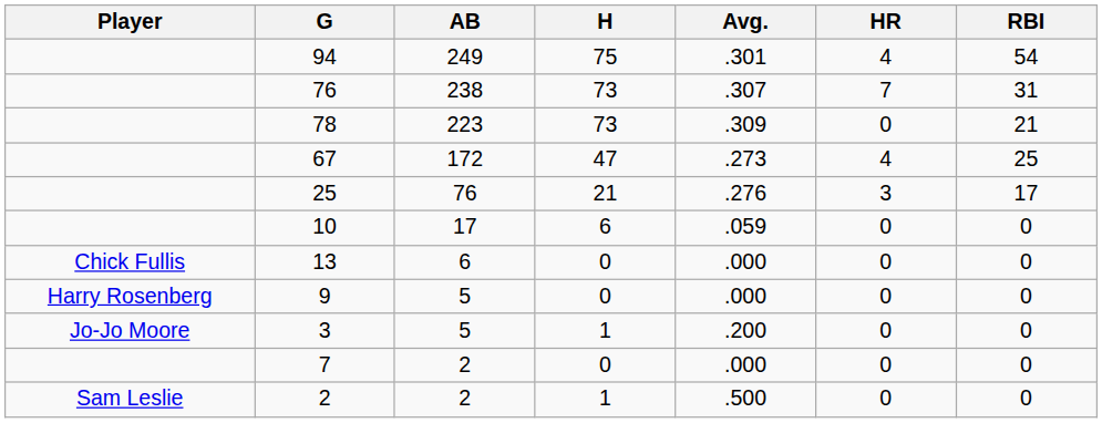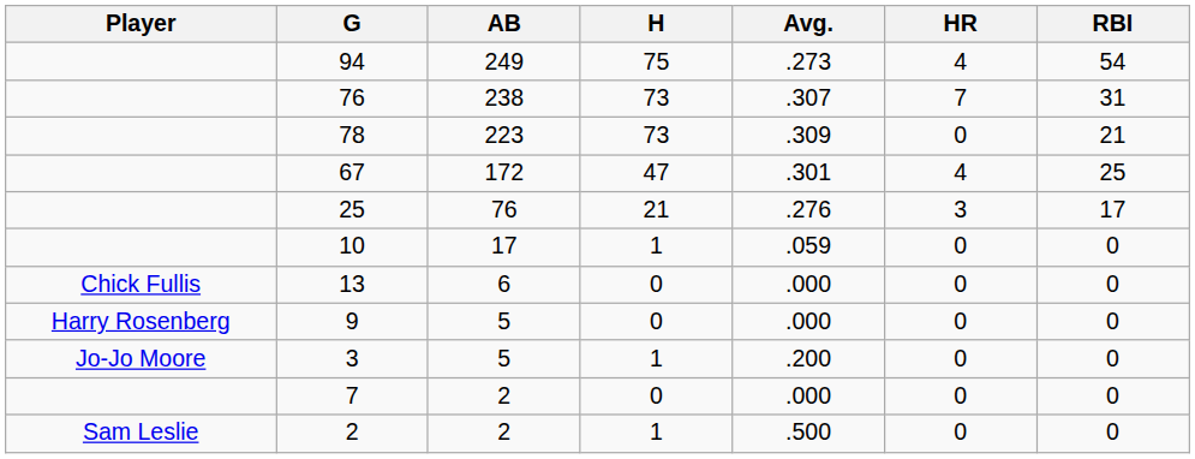 <table class="wikitable sortable">
 <tr>
 <th bgcolor="#DDDDFF" width="16%">Player</th>
 <th bgcolor="#DDDDFF" width="9%">G</th>
 <th bgcolor="#DDDDFF" width="9%">AB</th>
 <th bgcolor="#DDDDFF" width="9%">H</th>
 <th bgcolor="#DDDDFF" width="9%">Avg.</th>
 <th bgcolor="#DDDDFF" width="9%">HR</th>
 <th bgcolor="#DDDDFF" width="9%">RBI</th>
 </tr>
 <tr align="center">
 <td></td>
 <td>94</td>
 <td>249</td>
 <td>75</td>
-<td>.301</td>
+<td>.273</td>
 <td>4</td>
 <td>54</td>
 </tr>
 <tr align="center">
 <td></td>
 <td>76</td>
 <td>238</td>
 <td>73</td>
 <td>.307</td>
 <td>7</td>
 <td>31</td>
 </tr>
 <tr align="center">
 <td></td>
 <td>78</td>
 <td>223</td>
 <td>73</td>
 <td>.309</td>
 <td>0</td>
 <td>21</td>
 </tr>
 <tr align="center">
 <td></td>
 <td>67</td>
 <td>172</td>
 <td>47</td>
-<td>.273</td>
+<td>.301</td>
 <td>4</td>
 <td>25</td>
 </tr>
 <tr align="center">
 <td></td>
 <td>25</td>
 <td>76</td>
 <td>21</td>
 <td>.276</td>
 <td>3</td>
 <td>17</td>
 </tr>
 <tr align="center">
 <td></td>
 <td>10</td>
 <td>17</td>
-<td>6</td>
+<td>1</td>
 <td>.059</td>
 <td>0</td>
 <td>0</td>
 </tr>
 <tr align="center">
 <td><a href='#'>Chick Fullis</a></td>
 <td>13</td>
 <td>6</td>
 <td>0</td>
 <td>.000</td>
 <td>0</td>
 <td>0</td>
 </tr>
 <tr align=center>
 <td><a href='#'>Harry Rosenberg</a></td>
 <td>9</td>
 <td>5</td>
 <td>0</td>
 <td>.000</td>
 <td>0</td>
 <td>0</td>
 </tr>
 <tr align=center>
 <td><a href='#'>Jo-Jo Moore</a></td>
 <td>3</td>
 <td>5</td>
 <td>1</td>
 <td>.200</td>
 <td>0</td>
 <td>0</td>
 </tr>
 <tr align=center>
 <td></td>
 <td>7</td>
 <td>2</td>
 <td>0</td>
 <td>.000</td>
 <td>0</td>
 <td>0</td>
 </tr>
 <tr align="center">
 <td><a href='#'>Sam Leslie</a></td>
 <td>2</td>
 <td>2</td>
 <td>1</td>
 <td>.500</td>
 <td>0</td>
 <td>0</td>
 </tr>
 </table>
